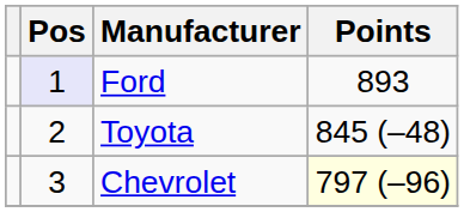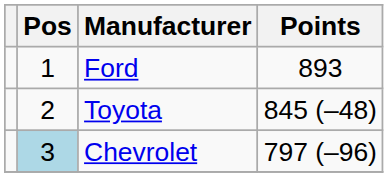 <table class="wikitable" style="font-size: 95%;">
 <tr>
 <th></th>
 <th>Pos</th>
 <th>Manufacturer</th>
 <th>Points</th>
 </tr>
 <tr>
 <td align="left"></td>
-<td style="background: lavender; text-align:center;">1</td>
+<td style="text-align:center;">1</td>
 <td><a href='#'>Ford</a></td>
 <td style="text-align:center;">893</td>
 </tr>
 <tr>
 <td align="left"></td>
 <td style="text-align:center;">2</td>
 <td><a href='#'>Toyota</a></td>
 <td style="text-align:center;">845 (–48)</td>
 </tr>
 <tr>
 <td align="left"></td>
-<td style="text-align:center;">3</td>
+<td style="background: lightblue; text-align:center;">3</td>
 <td><a href='#'>Chevrolet</a></td>
-<td style="background: lightyellow; text-align:center;">797 (–96)</td>
+<td style="text-align:center;">797 (–96)</td>
 </tr>
 <tr class="sortbottom">
 </tr>
 </table>
